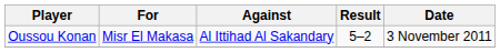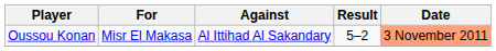 <table class="wikitable sortable">
 <tr>
 <th>Player</th>
 <th>For</th>
 <th>Against</th>
 <th align=center>Result</th>
 <th>Date</th>
 </tr>
 <tr>
 <td> <a href='#'>Oussou Konan</a></td>
 <td><a href='#'>Misr El Makasa</a></td>
 <td><a href='#'>Al Ittihad Al Sakandary</a></td>
 <td align="center">5–2</td>
-<td>3 November 2011</td>
+<td style="background: lightsalmon;">3 November 2011</td>
 </tr>
 <tr>
 </tr>
 </table>
